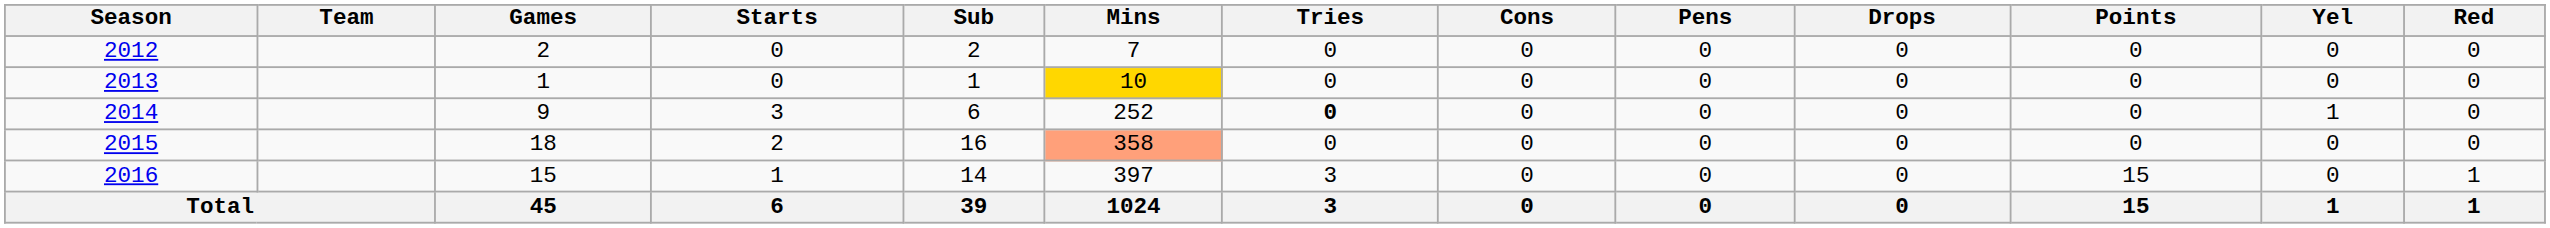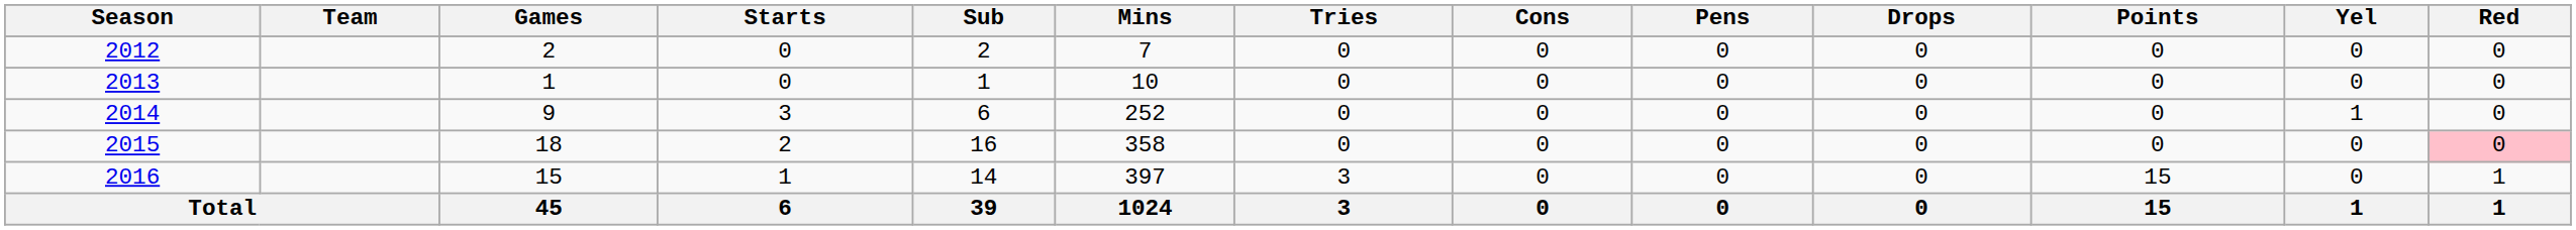 <table class="wikitable" style="text-align:center; line-height:90%; font-size:95%; width:70%;">
 <tr>
 <th>Season</th>
 <th>Team</th>
 <th>Games</th>
 <th>Starts</th>
 <th>Sub</th>
 <th>Mins</th>
 <th>Tries</th>
 <th>Cons</th>
 <th>Pens</th>
 <th>Drops</th>
 <th>Points</th>
 <th>Yel</th>
 <th>Red</th>
 </tr>
 <tr>
 <td><a href='#'>2012</a></td>
 <td></td>
 <td>2</td>
 <td>0</td>
 <td>2</td>
 <td>7</td>
 <td>0</td>
 <td>0</td>
 <td>0</td>
 <td>0</td>
 <td>0</td>
 <td>0</td>
 <td>0</td>
 </tr>
 <tr>
 <td><a href='#'>2013</a></td>
 <td></td>
 <td>1</td>
 <td>0</td>
 <td>1</td>
-<td style="background: gold;">10</td>
+<td>10</td>
 <td>0</td>
 <td>0</td>
 <td>0</td>
 <td>0</td>
 <td>0</td>
 <td>0</td>
 <td>0</td>
 </tr>
 <tr>
 <td><a href='#'>2014</a></td>
 <td></td>
 <td>9</td>
 <td>3</td>
 <td>6</td>
 <td>252</td>
-<td><strong>0</strong></td>
+<td>0</td>
 <td>0</td>
 <td>0</td>
 <td>0</td>
 <td>0</td>
 <td>1</td>
 <td>0</td>
 </tr>
 <tr>
 <td><a href='#'>2015</a></td>
 <td></td>
 <td>18</td>
 <td>2</td>
 <td>16</td>
-<td style="background: lightsalmon;">358</td>
+<td>358</td>
 <td>0</td>
 <td>0</td>
 <td>0</td>
 <td>0</td>
 <td>0</td>
 <td>0</td>
-<td>0</td>
+<td style="background: pink;">0</td>
 </tr>
 <tr>
 <td><a href='#'>2016</a></td>
 <td></td>
 <td>15</td>
 <td>1</td>
 <td>14</td>
 <td>397</td>
 <td>3</td>
 <td>0</td>
 <td>0</td>
 <td>0</td>
 <td>15</td>
 <td>0</td>
 <td>1</td>
 </tr>
 <tr>
 <th colspan="2">Total</th>
 <th>45</th>
 <th>6</th>
 <th>39</th>
 <th>1024</th>
 <th>3</th>
 <th>0</th>
 <th>0</th>
 <th>0</th>
 <th>15</th>
 <th>1</th>
 <th>1</th>
 </tr>
 </table>
